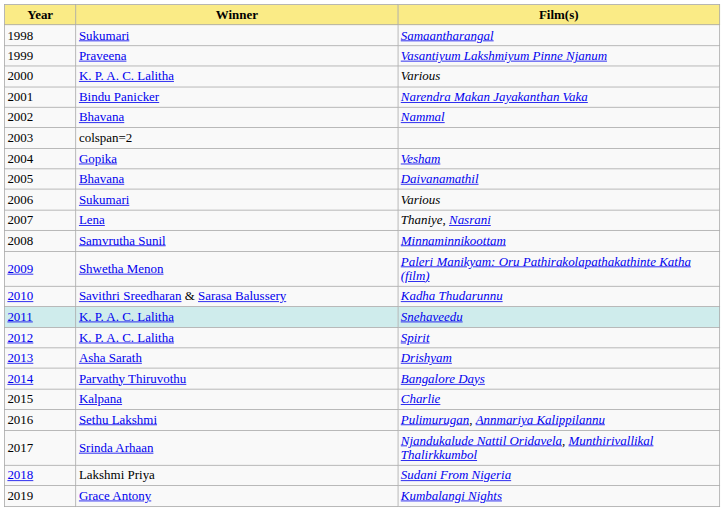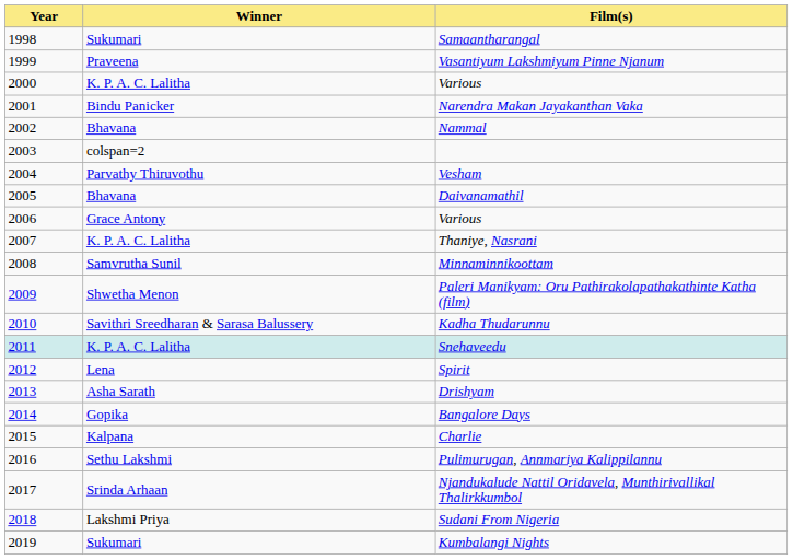 <table class="wikitable" style="width:100%">
 <tr bgcolor="#bebebe">
 <th width="10%" style="background:#FAEB86">Year</th>
 <th width="45%" style="background:#FAEB86">Winner</th>
 <th width="45%" style="background:#FAEB86">Film(s)</th>
 </tr>
 <tr>
 <td>1998</td>
 <td><a href='#'>Sukumari</a></td>
 <td><em><a href='#'>Samaantharangal</a></em></td>
 </tr>
 <tr>
 <td>1999</td>
 <td><a href='#'>Praveena</a></td>
 <td><em><a href='#'>Vasantiyum Lakshmiyum Pinne Njanum</a></em></td>
 </tr>
 <tr>
 <td>2000</td>
 <td><a href='#'>K. P. A. C. Lalitha</a></td>
 <td><em>Various</em></td>
 </tr>
 <tr>
 <td>2001</td>
 <td><a href='#'>Bindu Panicker</a></td>
 <td><em><a href='#'>Narendra Makan Jayakanthan Vaka</a></em></td>
 </tr>
 <tr>
 <td>2002</td>
 <td><a href='#'>Bhavana</a></td>
 <td><em><a href='#'>Nammal</a></em></td>
 </tr>
 <tr>
 <td>2003</td>
 <td>colspan=2 </td>
 </tr>
 <tr>
 <td>2004</td>
-<td><a href='#'>Gopika</a></td>
+<td><a href='#'>Parvathy Thiruvothu</a></td>
 <td><em><a href='#'>Vesham</a></em></td>
 </tr>
 <tr>
 <td>2005</td>
 <td><a href='#'>Bhavana</a></td>
 <td><em><a href='#'>Daivanamathil</a></em></td>
 </tr>
 <tr>
 <td>2006</td>
-<td><a href='#'>Sukumari</a></td>
+<td><a href='#'>Grace Antony</a></td>
 <td><em>Various</em></td>
 </tr>
 <tr>
 <td>2007</td>
-<td><a href='#'>Lena</a></td>
+<td><a href='#'>K. P. A. C. Lalitha</a></td>
 <td><em>Thaniye</em>, <em><a href='#'>Nasrani</a></em></td>
 </tr>
 <tr>
 <td>2008</td>
 <td><a href='#'>Samvrutha Sunil</a></td>
 <td><em><a href='#'>Minnaminnikoottam</a></em></td>
 </tr>
 <tr>
 <td><a href='#'>2009</a></td>
 <td><a href='#'>Shwetha Menon</a></td>
 <td><em><a href='#'>Paleri Manikyam: Oru Pathirakolapathakathinte Katha (film)</a></em></td>
 </tr>
 <tr>
 <td><a href='#'>2010</a></td>
 <td><a href='#'>Savithri Sreedharan</a> & <a href='#'>Sarasa Balussery</a></td>
 <td><em><a href='#'>Kadha Thudarunnu</a></em></td>
 </tr>
 <tr bgcolor="#cfecec">
 <td><a href='#'>2011</a></td>
 <td><a href='#'>K. P. A. C. Lalitha</a></td>
 <td><em><a href='#'>Snehaveedu</a></em></td>
 </tr>
 <tr>
 <td><a href='#'>2012</a></td>
-<td><a href='#'>K. P. A. C. Lalitha</a></td>
+<td><a href='#'>Lena</a></td>
 <td><em><a href='#'>Spirit</a></em></td>
 </tr>
 <tr>
 <td><a href='#'>2013</a></td>
 <td><a href='#'>Asha Sarath</a></td>
 <td><em><a href='#'>Drishyam</a></em></td>
 </tr>
 <tr>
 <td><a href='#'>2014</a></td>
-<td><a href='#'>Parvathy Thiruvothu</a></td>
+<td><a href='#'>Gopika</a></td>
 <td><em><a href='#'>Bangalore Days</a></em></td>
 </tr>
 <tr>
 <td>2015</td>
 <td><a href='#'>Kalpana</a></td>
 <td><em><a href='#'>Charlie</a></em></td>
 </tr>
 <tr>
 <td>2016</td>
 <td><a href='#'>Sethu Lakshmi</a></td>
 <td><em> <a href='#'>Pulimurugan</a></em>, <em><a href='#'>Annmariya Kalippilannu</a></em></td>
 </tr>
 <tr>
 <td>2017</td>
 <td><a href='#'>Srinda Arhaan</a></td>
 <td><em><a href='#'>Njandukalude Nattil Oridavela</a></em>, <em><a href='#'>Munthirivallikal Thalirkkumbol</a></em></td>
 </tr>
 <tr>
 <td><a href='#'>2018</a></td>
 <td>Lakshmi Priya</td>
 <td><em><a href='#'>Sudani From Nigeria</a></em></td>
 </tr>
 <tr>
 <td>2019</td>
-<td><a href='#'>Grace Antony</a></td>
+<td><a href='#'>Sukumari</a></td>
 <td><em><a href='#'>Kumbalangi Nights</a></em></td>
 </tr>
 </table>
